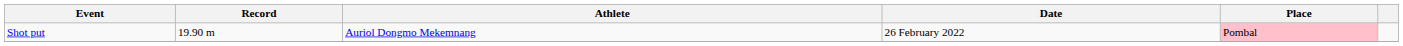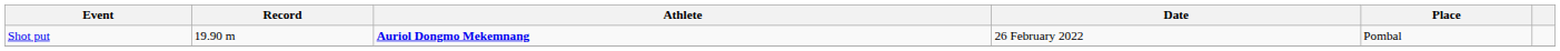 <table class="wikitable" style="font-size:95%; width: 95%;">
 <tr>
 <th>Event</th>
 <th>Record</th>
 <th>Athlete</th>
 <th>Date</th>
 <th>Place</th>
 <th></th>
 </tr>
 <tr>
 <td><a href='#'>Shot put</a></td>
 <td>19.90 m </td>
-<td><a href='#'>Auriol Dongmo Mekemnang</a> </td>
+<td><strong><a href='#'>Auriol Dongmo Mekemnang</a> </strong></td>
 <td>26 February 2022</td>
-<td style="background: pink;">Pombal</td>
+<td>Pombal</td>
 <td></td>
 </tr>
 <tr>
 </tr>
 </table>
